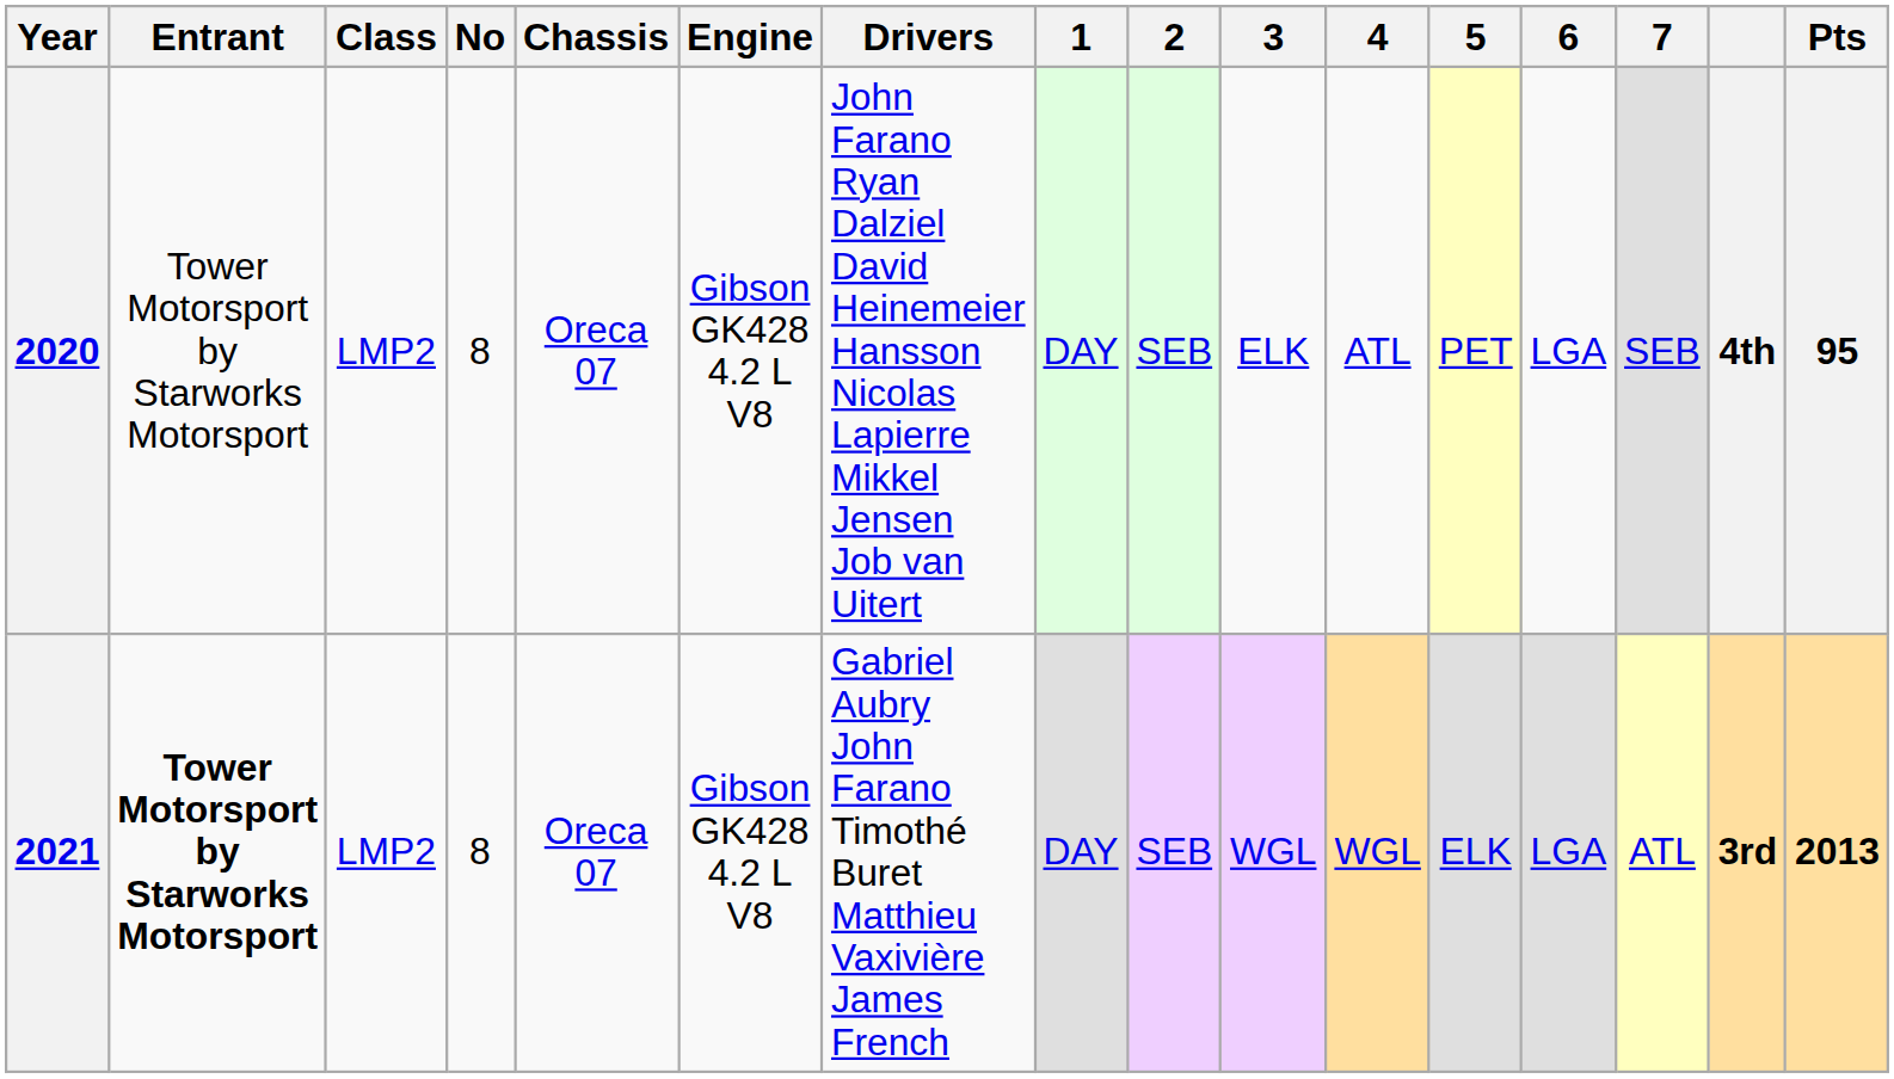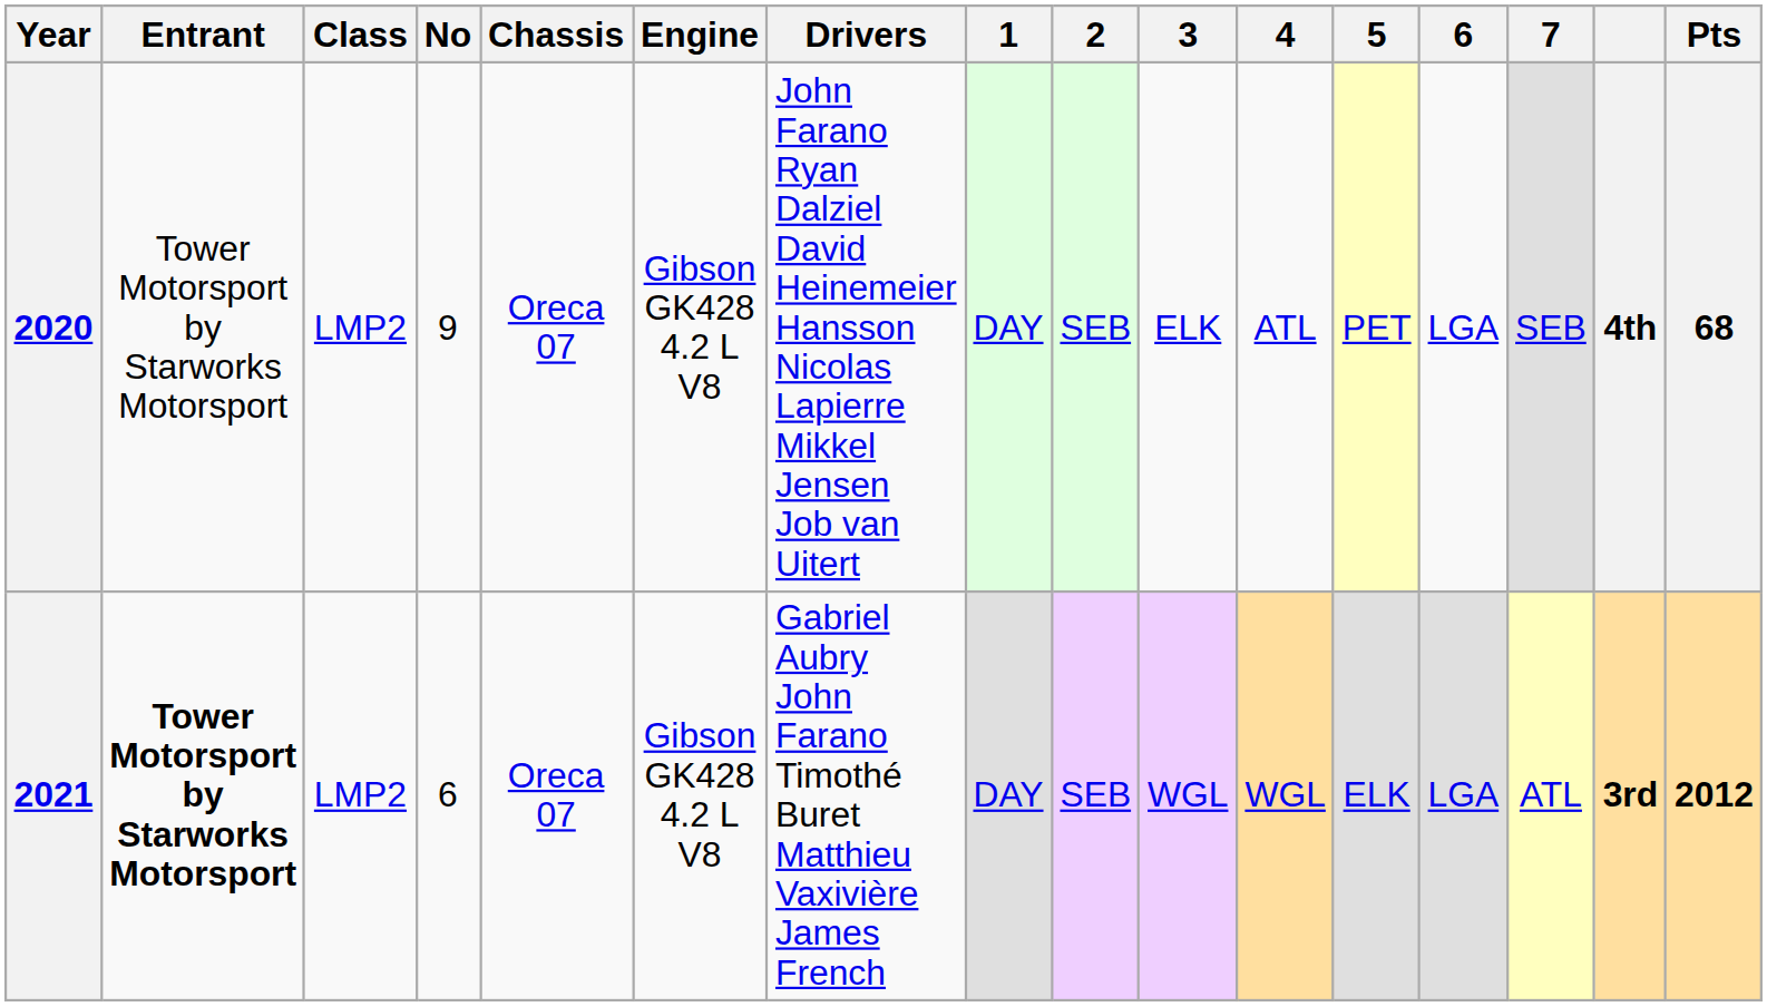 <table class="wikitable" style="font-size: 90%; text-align:center">
 <tr>
 <th>Year</th>
 <th>Entrant</th>
 <th>Class</th>
 <th>No</th>
 <th>Chassis</th>
 <th>Engine</th>
 <th>Drivers</th>
 <th>1</th>
 <th>2</th>
 <th>3</th>
 <th>4</th>
 <th>5</th>
 <th>6</th>
 <th>7</th>
 <th></th>
 <th>Pts</th>
 </tr>
 <tr>
 <th><a href='#'>2020</a></th>
 <td> Tower Motorsport by Starworks Motorsport</td>
 <td><a href='#'>LMP2</a></td>
-<td>8</td>
+<td>9</td>
 <td><a href='#'>Oreca 07</a></td>
 <td><a href='#'>Gibson</a> GK428 4.2 L V8</td>
 <td align="left"> <a href='#'>John Farano</a><br> <a href='#'>Ryan Dalziel</a><br> <a href='#'>David Heinemeier Hansson</a><br> <a href='#'>Nicolas Lapierre</a><br> <a href='#'>Mikkel Jensen</a><br> <a href='#'>Job van Uitert</a></td>
 <td style="background:#DFFFDF;"><a href='#'>DAY</a><br></td>
 <td style="background:#DFFFDF;"><a href='#'>SEB</a><br></td>
 <td style="background:#;"><a href='#'>ELK</a></td>
 <td style="background:#;"><a href='#'>ATL</a></td>
 <td style="background:#FFFFBF;"><a href='#'>PET</a><br></td>
 <td style="background:#;"><a href='#'>LGA</a></td>
 <td style="background:#DFDFDF;"><a href='#'>SEB</a><br></td>
 <th>4th</th>
-<th>95</th>
+<th>68</th>
 </tr>
 <tr>
 <th><a href='#'>2021</a></th>
 <td><strong> Tower Motorsport by Starworks Motorsport</strong></td>
 <td><a href='#'>LMP2</a></td>
-<td>8</td>
+<td>6</td>
 <td><a href='#'>Oreca 07</a></td>
 <td><a href='#'>Gibson</a> GK428 4.2 L V8</td>
 <td align="left"> <a href='#'>Gabriel Aubry</a><br> <a href='#'>John Farano</a><br> Timothé Buret<br> <a href='#'>Matthieu Vaxivière</a><br> <a href='#'>James French</a></td>
 <td style="background:#DFDFDF;"><a href='#'>DAY</a><br></td>
 <td style="background:#EFCFFF;"><a href='#'>SEB</a><br></td>
 <td style="background:#EFCFFF;"><a href='#'>WGL</a><br></td>
 <td style="background:#FFDF9F;"><a href='#'>WGL</a><br></td>
 <td style="background:#DFDFDF;"><a href='#'>ELK</a><br></td>
 <td style="background:#DFDFDF;"><a href='#'>LGA</a><br></td>
 <td style="background:#FFFFBF;"><a href='#'>ATL</a><br></td>
 <th style="background:#FFDF9F;">3rd</th>
-<th style="background:#FFDF9F;">2013</th>
+<th style="background:#FFDF9F;">2012</th>
 </tr>
 </table>
